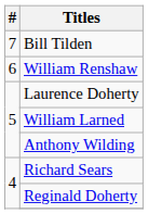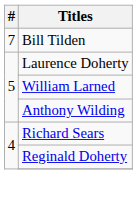 <table class=wikitable style="display:inline-table;">
 <tr>
 <th>#</th>
 <th>Titles</th>
 </tr>
 <tr>
 <td>7</td>
 <td> Bill Tilden</td>
-</tr>
-<tr>
-<td>6</td>
-<td> <a href='#'>William Renshaw</a></td>
 </tr>
 <tr>
 <td rowspan="3">5</td>
 <td> Laurence Doherty</td>
 </tr>
 <tr>
 <td> <a href='#'>William Larned</a></td>
 </tr>
 <tr>
 <td> <a href='#'>Anthony Wilding</a></td>
 </tr>
 <tr>
 <td rowspan="3">4</td>
 <td> <a href='#'>Richard Sears</a></td>
 </tr>
 <tr>
 <td> <a href='#'>Reginald Doherty</a></td>
 </tr>
 <tr>
 </tr>
 </table>
